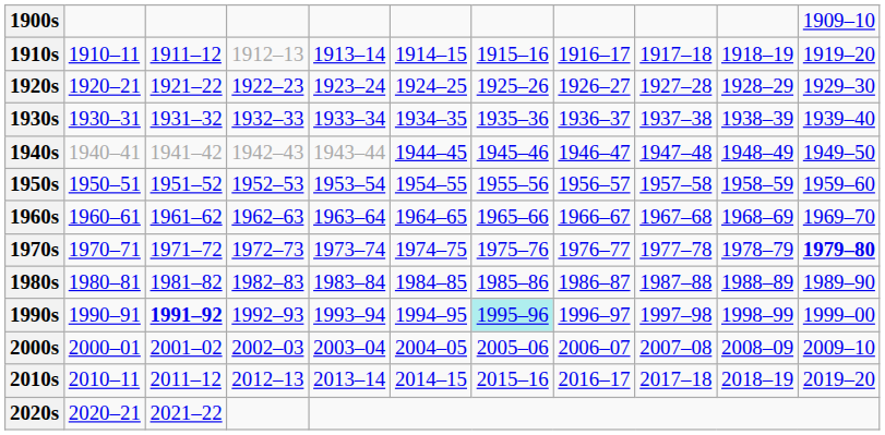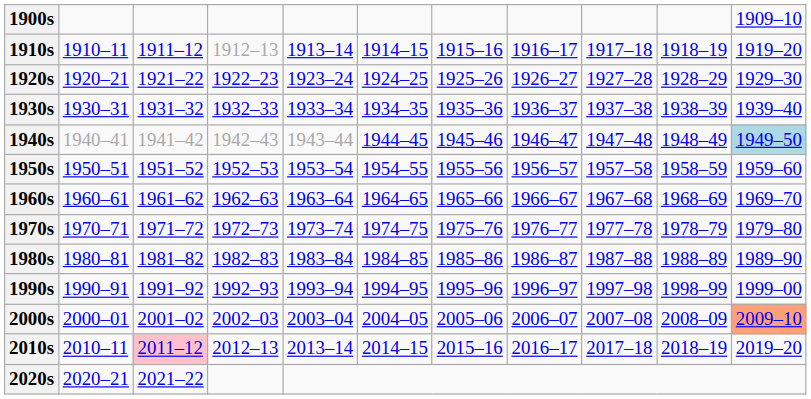 <table class="wikitable">
 <tr>
 <th>1900s</th>
 <td></td>
 <td></td>
 <td></td>
 <td></td>
 <td></td>
 <td></td>
 <td></td>
 <td></td>
 <td></td>
 <td><a href='#'>1909–10</a></td>
 </tr>
 <tr>
 <th>1910s</th>
 <td><a href='#'>1910–11</a></td>
 <td><a href='#'>1911–12</a></td>
 <td style="color:#AAA">1912–13</td>
 <td><a href='#'>1913–14</a></td>
 <td><a href='#'>1914–15</a></td>
 <td><a href='#'>1915–16</a></td>
 <td><a href='#'>1916–17</a></td>
 <td><a href='#'>1917–18</a></td>
 <td><a href='#'>1918–19</a></td>
 <td><a href='#'>1919–20</a></td>
 </tr>
 <tr>
 <th>1920s</th>
 <td><a href='#'>1920–21</a></td>
 <td><a href='#'>1921–22</a></td>
 <td><a href='#'>1922–23</a></td>
 <td><a href='#'>1923–24</a></td>
 <td><a href='#'>1924–25</a></td>
 <td><a href='#'>1925–26</a></td>
 <td><a href='#'>1926–27</a></td>
 <td><a href='#'>1927–28</a></td>
 <td><a href='#'>1928–29</a></td>
 <td><a href='#'>1929–30</a></td>
 </tr>
 <tr>
 <th>1930s</th>
 <td><a href='#'>1930–31</a></td>
 <td><a href='#'>1931–32</a></td>
 <td><a href='#'>1932–33</a></td>
 <td><a href='#'>1933–34</a></td>
 <td><a href='#'>1934–35</a></td>
 <td><a href='#'>1935–36</a></td>
 <td><a href='#'>1936–37</a></td>
 <td><a href='#'>1937–38</a></td>
 <td><a href='#'>1938–39</a></td>
 <td><a href='#'>1939–40</a></td>
 </tr>
 <tr>
 <th>1940s</th>
 <td style="color:#AAA">1940–41</td>
 <td style="color:#AAA">1941–42</td>
 <td style="color:#AAA">1942–43</td>
 <td style="color:#AAA">1943–44</td>
 <td><a href='#'>1944–45</a></td>
 <td><a href='#'>1945–46</a></td>
 <td><a href='#'>1946–47</a></td>
 <td><a href='#'>1947–48</a></td>
 <td><a href='#'>1948–49</a></td>
-<td><a href='#'>1949–50</a></td>
+<td style="background: lightblue;"><a href='#'>1949–50</a></td>
 </tr>
 <tr>
 <th>1950s</th>
 <td><a href='#'>1950–51</a></td>
 <td><a href='#'>1951–52</a></td>
 <td><a href='#'>1952–53</a></td>
 <td><a href='#'>1953–54</a></td>
 <td><a href='#'>1954–55</a></td>
 <td><a href='#'>1955–56</a></td>
 <td><a href='#'>1956–57</a></td>
 <td><a href='#'>1957–58</a></td>
 <td><a href='#'>1958–59</a></td>
 <td><a href='#'>1959–60</a></td>
 </tr>
 <tr>
 <th>1960s</th>
 <td><a href='#'>1960–61</a></td>
 <td><a href='#'>1961–62</a></td>
 <td><a href='#'>1962–63</a></td>
 <td><a href='#'>1963–64</a></td>
 <td><a href='#'>1964–65</a></td>
 <td><a href='#'>1965–66</a></td>
 <td><a href='#'>1966–67</a></td>
 <td><a href='#'>1967–68</a></td>
 <td><a href='#'>1968–69</a></td>
 <td><a href='#'>1969–70</a></td>
 </tr>
 <tr>
 <th>1970s</th>
 <td><a href='#'>1970–71</a></td>
 <td><a href='#'>1971–72</a></td>
 <td><a href='#'>1972–73</a></td>
 <td><a href='#'>1973–74</a></td>
 <td><a href='#'>1974–75</a></td>
 <td><a href='#'>1975–76</a></td>
 <td><a href='#'>1976–77</a></td>
 <td><a href='#'>1977–78</a></td>
 <td><a href='#'>1978–79</a></td>
-<td><strong><a href='#'>1979–80</a></strong></td>
+<td><a href='#'>1979–80</a></td>
 </tr>
 <tr>
 <th>1980s</th>
 <td><a href='#'>1980–81</a></td>
 <td><a href='#'>1981–82</a></td>
 <td><a href='#'>1982–83</a></td>
 <td><a href='#'>1983–84</a></td>
 <td><a href='#'>1984–85</a></td>
 <td><a href='#'>1985–86</a></td>
 <td><a href='#'>1986–87</a></td>
 <td><a href='#'>1987–88</a></td>
 <td><a href='#'>1988–89</a></td>
 <td><a href='#'>1989–90</a></td>
 </tr>
 <tr>
 <th>1990s</th>
 <td><a href='#'>1990–91</a></td>
-<td><strong><a href='#'>1991–92</a></strong></td>
+<td><a href='#'>1991–92</a></td>
 <td><a href='#'>1992–93</a></td>
 <td><a href='#'>1993–94</a></td>
 <td><a href='#'>1994–95</a></td>
-<td style="background: paleturquoise;"><a href='#'>1995–96</a></td>
+<td><a href='#'>1995–96</a></td>
 <td><a href='#'>1996–97</a></td>
 <td><a href='#'>1997–98</a></td>
 <td><a href='#'>1998–99</a></td>
 <td><a href='#'>1999–00</a></td>
 </tr>
 <tr>
 <th>2000s</th>
 <td><a href='#'>2000–01</a></td>
 <td><a href='#'>2001–02</a></td>
 <td><a href='#'>2002–03</a></td>
 <td><a href='#'>2003–04</a></td>
 <td><a href='#'>2004–05</a></td>
 <td><a href='#'>2005–06</a></td>
 <td><a href='#'>2006–07</a></td>
 <td><a href='#'>2007–08</a></td>
 <td><a href='#'>2008–09</a></td>
-<td><a href='#'>2009–10</a></td>
+<td style="background: lightsalmon;"><a href='#'>2009–10</a></td>
 </tr>
 <tr>
 <th>2010s</th>
 <td><a href='#'>2010–11</a></td>
-<td><a href='#'>2011–12</a></td>
+<td style="background: pink;"><a href='#'>2011–12</a></td>
 <td><a href='#'>2012–13</a></td>
 <td><a href='#'>2013–14</a></td>
 <td><a href='#'>2014–15</a></td>
 <td><a href='#'>2015–16</a></td>
 <td><a href='#'>2016–17</a></td>
 <td><a href='#'>2017–18</a></td>
 <td><a href='#'>2018–19</a></td>
 <td><a href='#'>2019–20</a></td>
 </tr>
 <tr>
 <th>2020s</th>
 <td><a href='#'>2020–21</a></td>
 <td><a href='#'>2021–22</a></td>
 <td></td>
 </tr>
 </table>
